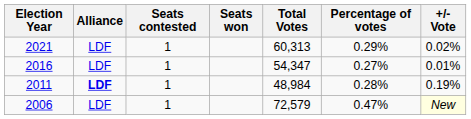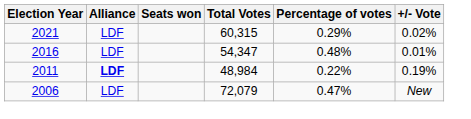 <table class="wikitable" style="text-align:center">
 <tr>
 <th Style="background-color:">Election Year</th>
 <th Style="background-color:">Alliance</th>
-<th Style="background-color:">Seats contested</th>
 <th Style="background-color:">Seats won</th>
 <th Style="background-color:">Total Votes</th>
 <th Style="background-color:">Percentage of votes</th>
 <th Style="background-color:">+/- Vote</th>
 </tr>
 <tr>
 <td><a href='#'>2021</a></td>
 <td><a href='#'>LDF</a></td>
-<td>1</td>
 <td></td>
-<td>60,313</td>
+<td>60,315</td>
 <td>0.29%</td>
 <td> 0.02%</td>
 </tr>
 <tr>
 <td><a href='#'>2016</a></td>
 <td><a href='#'>LDF</a></td>
-<td>1</td>
 <td></td>
 <td>54,347</td>
-<td>0.27%</td>
+<td>0.48%</td>
 <td> 0.01%</td>
 </tr>
 <tr>
 <td><a href='#'>2011</a></td>
 <td><strong><a href='#'>LDF</a></strong></td>
-<td>1</td>
 <td></td>
 <td>48,984</td>
-<td>0.28%</td>
+<td>0.22%</td>
 <td> 0.19%</td>
 </tr>
 <tr>
 <td><a href='#'>2006</a></td>
 <td><a href='#'>LDF</a></td>
-<td>1</td>
 <td></td>
-<td>72,579</td>
+<td>72,079</td>
 <td>0.47%</td>
-<td style="background: lightyellow;"><em>New</em></td>
+<td><em>New</em></td>
 </tr>
 </table>
